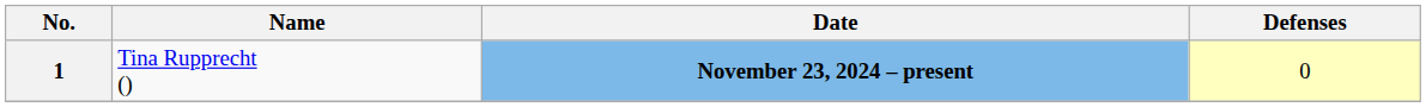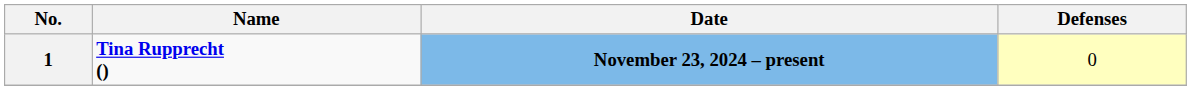 <table class="wikitable sortable" style="width:80%;">
 <tr>
 <th>No.</th>
 <th>Name</th>
 <th>Date</th>
 <th>Defenses</th>
 </tr>
 <tr align=center>
 <th>1</th>
-<td align=left> <a href='#'>Tina Rupprecht</a><br>()</td>
+<td align=left><strong> <a href='#'>Tina Rupprecht</a><br>()</strong></td>
 <td style="background:#7CB9E8;"><strong>November 23, 2024 – present</strong></td>
 <td style="background:#ffffbf;">0</td>
 </tr>
 <tr>
 </tr>
 </table>
